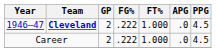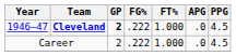 <table class="wikitable sortable" style="font-size:95%; text-align:right;">
 <tr>
 <th>Year</th>
 <th>Team</th>
 <th>GP</th>
 <th>FG%</th>
 <th>FT%</th>
 <th>APG</th>
 <th>PPG</th>
 </tr>
 <tr>
 <td style="text-align:left;"><a href='#'>1946–47</a></td>
 <td style="text-align:left;"><strong><a href='#'>Cleveland</a></strong></td>
-<td>2</td>
+<td><strong>2</strong></td>
 <td>.222</td>
 <td>1.000</td>
 <td>.0</td>
 <td>4.5</td>
 </tr>
 <tr>
 <td style="text-align:center;" colspan="2">Career</td>
 <td>2</td>
 <td>.222</td>
 <td>1.000</td>
 <td>.0</td>
 <td>4.5</td>
 </tr>
 <tr>
 </tr>
 </table>
